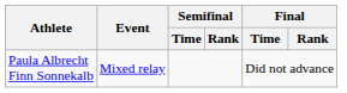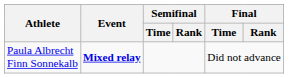 <table class="wikitable" style="font-size:90%">
 <tr>
 <th rowspan=2>Athlete</th>
 <th rowspan=2>Event</th>
 <th colspan=2>Semifinal</th>
 <th colspan=2>Final</th>
 </tr>
 <tr>
 <th>Time</th>
 <th>Rank</th>
 <th>Time</th>
 <th>Rank</th>
 </tr>
 <tr align=center>
 <td align=left><a href='#'>Paula Albrecht</a><br><a href='#'>Finn Sonnekalb</a></td>
-<td align=left><a href='#'>Mixed relay</a></td>
+<td align=left><strong><a href='#'>Mixed relay</a></strong></td>
 <td colspan=2></td>
 <td colspan=2>Did not advance</td>
 </tr>
 </table>
